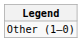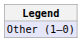 <table class="wikitable">
 <tr>
 <th>Legend</th>
 </tr>
 <tr>
-<td>Other (1–0)</td>
+<td style="background: lavender;">Other (1–0)</td>
 </tr>
 </table>
